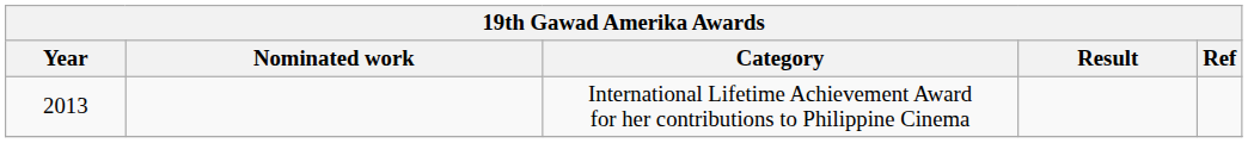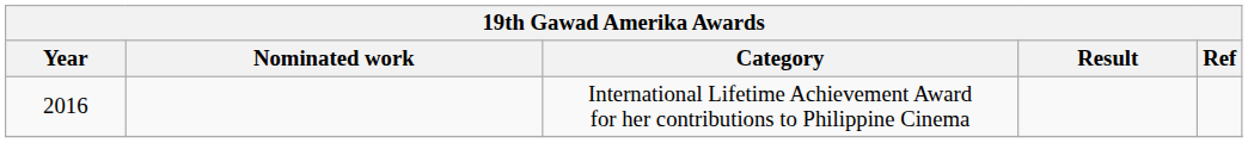 <table width="70%" class="wikitable sortable">
 <tr>
 <th colspan="5" align="center">19th Gawad Amerika Awards</th>
 </tr>
 <tr>
 <th width="10%">Year</th>
 <th width="35%">Nominated work</th>
 <th width="40%">Category</th>
 <th width="15%">Result</th>
 <th width="15%">Ref</th>
 </tr>
 <tr>
-<td align="center">2013</td>
+<td align="center">2016</td>
 <td align="center"></td>
 <td align="center">International Lifetime Achievement Award <br>for her contributions to Philippine Cinema</td>
 <td></td>
 <td align="center"></td>
 </tr>
 <tr>
 </tr>
 </table>
